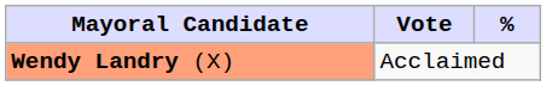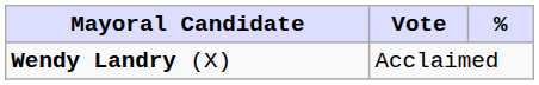 <table class="wikitable">
 <tr>
 <th style="background:#ddf; width:200px;">Mayoral Candidate</th>
 <th style="background:#ddf; width:50px;">Vote</th>
 <th style="background:#ddf; width:30px;">%</th>
 </tr>
 <tr>
-<td style="background: lightsalmon;"><strong>Wendy Landry</strong> (X)</td>
+<td><strong>Wendy Landry</strong> (X)</td>
 <td colspan="2">Acclaimed</td>
 </tr>
 </table>
